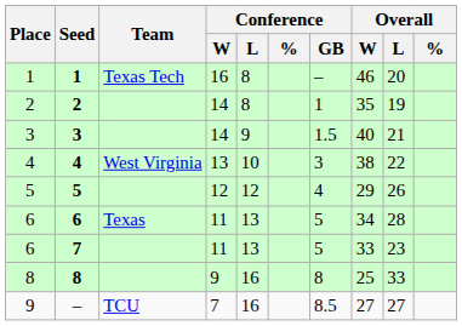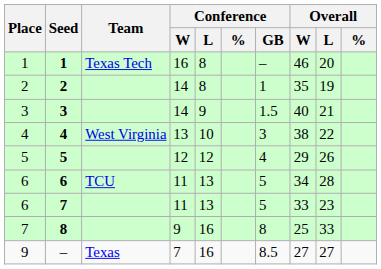 <table class="wikitable">
 <tr>
 <th rowspan ="2">Place</th>
 <th rowspan ="2">Seed</th>
 <th rowspan ="2">Team</th>
 <th colspan = "4">Conference</th>
 <th colspan = "3">Overall</th>
 </tr>
 <tr>
 <th scope="col" style="width: 20px;">W</th>
 <th scope="col" style="width: 20px;">L</th>
 <th scope="col" style="width: 30px;">%</th>
 <th scope="col" style="width: 30px;">GB</th>
 <th scope="col" style="width: 20px;">W</th>
 <th scope="col" style="width: 20px;">L</th>
 <th scope="col" style="width: 30px;">%</th>
 </tr>
 <tr bgcolor=#ccffcc>
 <td style="text-align:center;">1</td>
 <td style="text-align:center;"><strong>1</strong></td>
 <td><a href='#'>Texas Tech</a></td>
 <td>16</td>
 <td>8</td>
 <td></td>
 <td>–</td>
 <td>46</td>
 <td>20</td>
 <td></td>
 </tr>
 <tr bgcolor=#ccffcc>
 <td style="text-align:center;">2</td>
 <td style="text-align:center;"><strong>2</strong></td>
 <td></td>
 <td>14</td>
 <td>8</td>
 <td></td>
 <td>1</td>
 <td>35</td>
 <td>19</td>
 <td></td>
 </tr>
 <tr bgcolor=#ccffcc>
 <td style="text-align:center;">3</td>
 <td style="text-align:center;"><strong>3</strong></td>
 <td></td>
 <td>14</td>
 <td>9</td>
 <td></td>
 <td>1.5</td>
 <td>40</td>
 <td>21</td>
 <td></td>
 </tr>
 <tr bgcolor=#ccffcc>
 <td style="text-align:center;">4</td>
 <td style="text-align:center;"><strong>4</strong></td>
 <td><a href='#'>West Virginia</a></td>
 <td>13</td>
 <td>10</td>
 <td></td>
 <td>3</td>
 <td>38</td>
 <td>22</td>
 <td></td>
 </tr>
 <tr bgcolor=#ccffcc>
 <td style="text-align:center;">5</td>
 <td style="text-align:center;"><strong>5</strong></td>
 <td></td>
 <td>12</td>
 <td>12</td>
 <td></td>
 <td>4</td>
 <td>29</td>
 <td>26</td>
 <td></td>
 </tr>
 <tr bgcolor=#ccffcc>
 <td style="text-align:center;">6</td>
 <td style="text-align:center;"><strong>6</strong></td>
-<td><a href='#'>Texas</a></td>
+<td><a href='#'>TCU</a></td>
 <td>11</td>
 <td>13</td>
 <td></td>
 <td>5</td>
 <td>34</td>
 <td>28</td>
 <td></td>
 </tr>
 <tr bgcolor=#ccffcc>
 <td style="text-align:center;">6</td>
 <td style="text-align:center;"><strong>7</strong></td>
 <td></td>
 <td>11</td>
 <td>13</td>
 <td></td>
 <td>5</td>
 <td>33</td>
 <td>23</td>
 <td></td>
 </tr>
 <tr bgcolor=#ccffcc>
-<td style="text-align:center;">8</td>
+<td style="text-align:center;">7</td>
 <td style="text-align:center;"><strong>8</strong></td>
 <td></td>
 <td>9</td>
 <td>16</td>
 <td></td>
 <td>8</td>
 <td>25</td>
 <td>33</td>
 <td></td>
 </tr>
 <tr>
 <td style="text-align:center;">9</td>
 <td style="text-align:center;">–</td>
-<td><a href='#'>TCU</a></td>
+<td><a href='#'>Texas</a></td>
 <td>7</td>
 <td>16</td>
 <td></td>
 <td>8.5</td>
 <td>27</td>
 <td>27</td>
 <td></td>
 </tr>
 </table>
